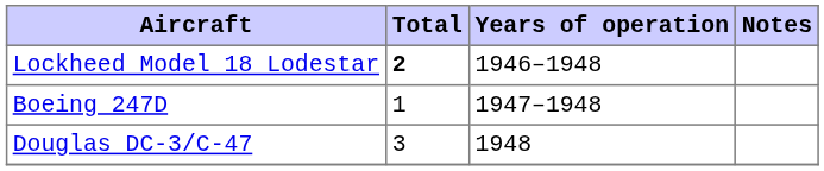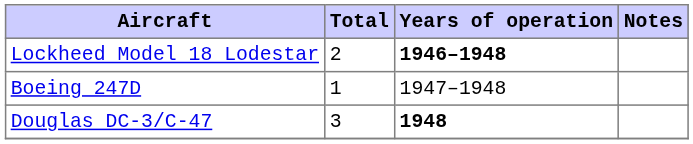 <table class="toccolours" border="1" cellpadding="3" style="margin: 1em auto; border-collapse:collapse;">
 <tr bgcolor=#ccccff>
 <th>Aircraft</th>
 <th>Total</th>
 <th>Years of operation</th>
 <th>Notes</th>
 </tr>
 <tr>
 <td><a href='#'>Lockheed Model 18 Lodestar</a></td>
-<td><strong>2</strong></td>
-<td>1946–1948</td>
+<td>2</td>
+<td><strong>1946–1948</strong></td>
 <td></td>
 </tr>
 <tr>
 <td><a href='#'>Boeing 247D</a></td>
 <td>1</td>
 <td>1947–1948</td>
 <td></td>
 </tr>
 <tr>
 <td><a href='#'>Douglas DC-3/C-47</a></td>
 <td>3</td>
-<td>1948</td>
+<td><strong>1948</strong></td>
 <td></td>
 </tr>
 <tr>
 </tr>
 </table>
